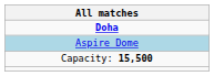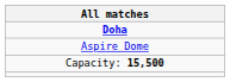 <table class="wikitable" style="text-align:center" width=280>
 <tr>
 <th>All matches</th>
 </tr>
 <tr>
 <td> <strong><a href='#'>Doha</a></strong></td>
 </tr>
 <tr>
-<td style="background: lightblue;"><a href='#'>Aspire Dome</a></td>
+<td><a href='#'>Aspire Dome</a></td>
 </tr>
 <tr>
 <td>Capacity: <strong>15,500</strong></td>
 </tr>
 <tr>
 <td></td>
 </tr>
 </table>
